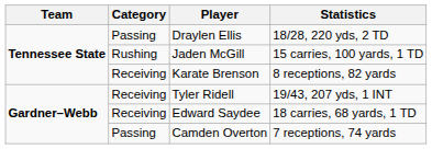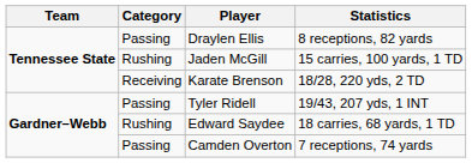 <table class="wikitable" style="float: right;">
 <tr>
 <th>Team</th>
 <th>Category</th>
 <th>Player</th>
 <th>Statistics</th>
 </tr>
 <tr>
 <td rowspan=3><strong>Tennessee State</strong></td>
 <td>Passing</td>
 <td>Draylen Ellis</td>
-<td>18/28, 220 yds, 2 TD</td>
+<td>8 receptions, 82 yards</td>
 </tr>
 <tr>
 <td>Rushing</td>
 <td>Jaden McGill</td>
 <td>15 carries, 100 yards, 1 TD</td>
 </tr>
 <tr>
 <td>Receiving</td>
 <td>Karate Brenson</td>
-<td>8 receptions, 82 yards</td>
+<td>18/28, 220 yds, 2 TD</td>
 </tr>
 <tr>
 <td rowspan=3><strong>Gardner–Webb</strong></td>
-<td>Receiving</td>
+<td>Passing</td>
 <td>Tyler Ridell</td>
 <td>19/43, 207 yds, 1 INT</td>
 </tr>
 <tr>
-<td>Receiving</td>
+<td>Rushing</td>
 <td>Edward Saydee</td>
 <td>18 carries, 68 yards, 1 TD</td>
 </tr>
 <tr>
 <td>Passing</td>
 <td>Camden Overton</td>
 <td>7 receptions, 74 yards</td>
 </tr>
 </table>
